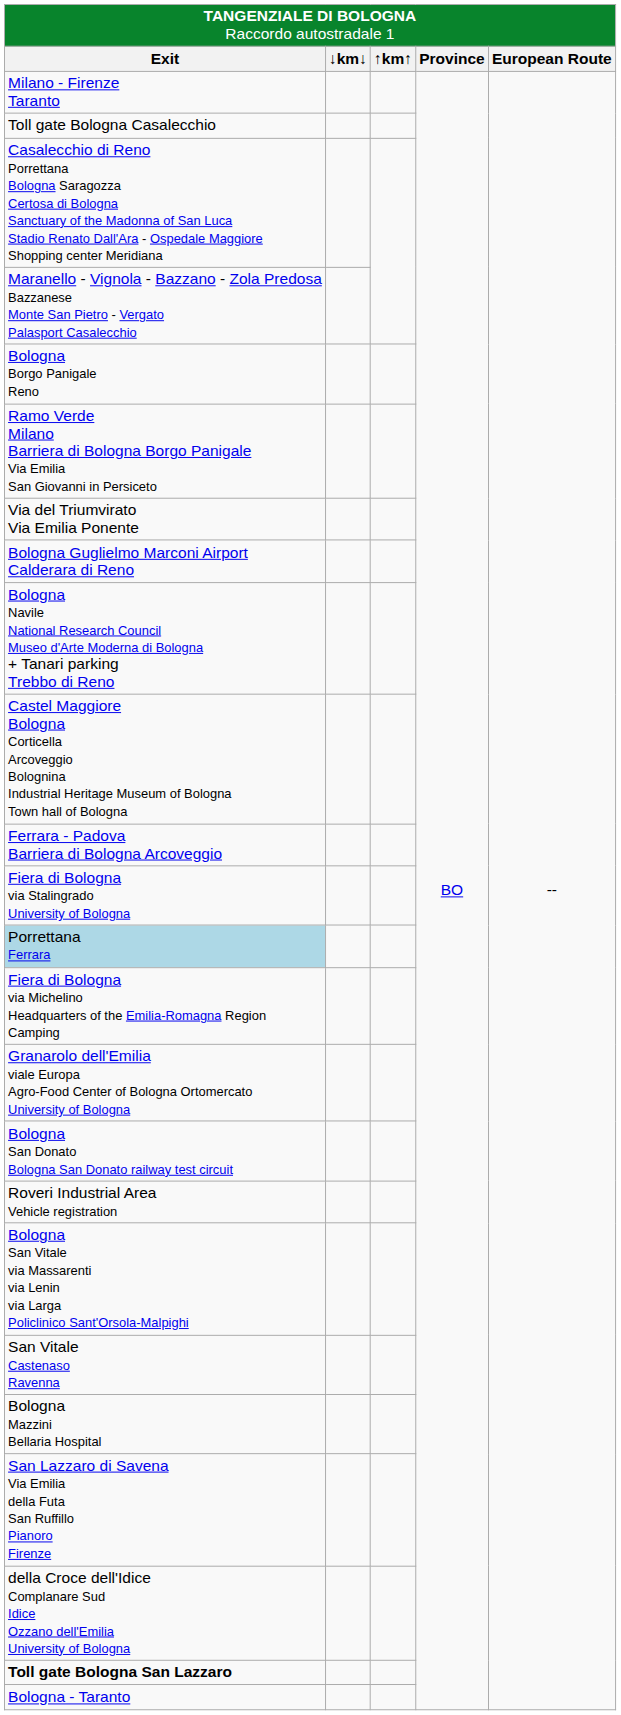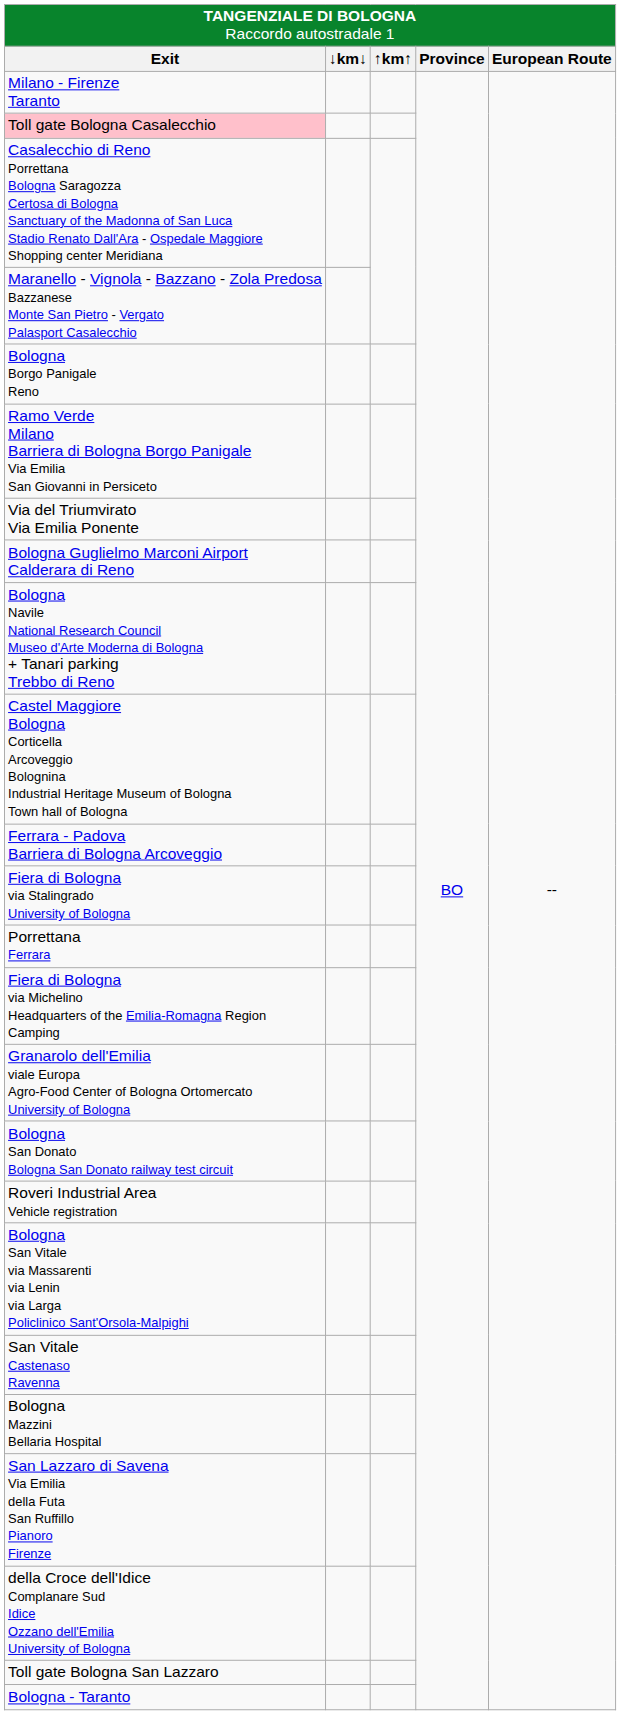 <table class="wikitable" border="1">
 <tr align="center" bgcolor="08842C" style="color: white;font-size:100%;">
 <td colspan="6"><strong> TANGENZIALE DI BOLOGNA</strong><br>Raccordo autostradale 1</td>
 </tr>
 <tr>
 <th style="text-align:center;"><strong>Exit</strong></th>
 <th style="text-align:center;"><strong>↓km↓</strong></th>
 <th style="text-align:center;"><strong>↑km↑</strong></th>
 <th align="center"><strong>Province</strong></th>
 <th align="center"><strong>European Route</strong></th>
 </tr>
 <tr>
 <td>  <a href='#'>Milano - Firenze</a><br> <a href='#'>Taranto</a></td>
 <td align="right"></td>
 <td align="right"></td>
 <td align="center" rowspan=24><a href='#'>BO</a></td>
 <td align="center" rowspan=24>--</td>
 </tr>
 <tr>
-<td> Toll gate Bologna Casalecchio</td>
+<td style="background: pink;"> Toll gate Bologna Casalecchio</td>
 <td align="right"></td>
 <td align="right"></td>
 </tr>
 <tr>
 <td>  <a href='#'>Casalecchio di Reno</a><br><small> Porrettana<br> <a href='#'>Bologna</a> Saragozza<br> <a href='#'>Certosa di Bologna</a><br> <a href='#'>Sanctuary of the Madonna of San Luca</a><br> <a href='#'>Stadio Renato Dall'Ara</a> -  <a href='#'>Ospedale Maggiore</a> </small><br><small> Shopping center Meridiana</small></td>
 <td align="right"></td>
 <td align="right" rowspan=2></td>
 </tr>
 <tr>
 <td> <a href='#'>Maranello</a> - <a href='#'>Vignola</a> - <a href='#'>Bazzano</a> - <a href='#'>Zola Predosa</a><br> <small>Bazzanese<br> <a href='#'>Monte San Pietro</a> - <a href='#'>Vergato</a><br> <a href='#'>Palasport Casalecchio</a><br></small></td>
 <td align="right"></td>
 </tr>
 <tr>
 <td>  <a href='#'>Bologna</a><br><small>Borgo Panigale<br>Reno</small></td>
 <td align="right"></td>
 <td align="right"></td>
 </tr>
 <tr>
 <td>  <a href='#'>Ramo Verde</a><br> <a href='#'>Milano</a><br> <a href='#'>Barriera di Bologna Borgo Panigale</a><br><small> Via Emilia<br> San Giovanni in Persiceto</small></td>
 <td align="right"></td>
 <td align="right"></td>
 </tr>
 <tr>
 <td> Via del Triumvirato<br>Via Emilia Ponente</td>
 <td align="right"></td>
 <td align="right"></td>
 </tr>
 <tr>
 <td>  <a href='#'>Bologna Guglielmo Marconi Airport</a><br><a href='#'>Calderara di Reno</a></td>
 <td align="right"></td>
 <td align="right"></td>
 </tr>
 <tr>
 <td>  <a href='#'>Bologna</a><br><small>Navile<br><a href='#'>National Research Council</a><br> <a href='#'>Museo d'Arte Moderna di Bologna</a></small><br> +  Tanari parking<br><a href='#'>Trebbo di Reno</a></td>
 <td align="right"></td>
 <td align="right"></td>
 </tr>
 <tr>
 <td> <a href='#'>Castel Maggiore</a><br> <a href='#'>Bologna</a><br><small>Corticella<br>Arcoveggio<br>Bolognina<br> Industrial Heritage Museum of Bologna<br>Town hall of Bologna</small></td>
 <td align="right"></td>
 <td align="right"></td>
 </tr>
 <tr>
 <td>  <a href='#'>Ferrara - Padova</a><br> <a href='#'>Barriera di Bologna Arcoveggio</a></td>
 <td align="right"></td>
 <td align="right"></td>
 </tr>
 <tr>
 <td>   <a href='#'>Fiera di Bologna</a><br><small>via Stalingrado<br> <a href='#'>University of Bologna</a></small></td>
 <td align="right"></td>
 <td align="right"></td>
 </tr>
 <tr>
-<td style="background: lightblue;">  Porrettana<br><small><a href='#'>Ferrara</a></small></td>
+<td>  Porrettana<br><small><a href='#'>Ferrara</a></small></td>
 <td align="right"></td>
 <td align="right"></td>
 </tr>
 <tr>
 <td>  <a href='#'>Fiera di Bologna</a><br><small>via Michelino<br> Headquarters of the <a href='#'>Emilia-Romagna</a> Region<br> Camping</small></td>
 <td align="right"></td>
 <td align="right"></td>
 </tr>
 <tr>
 <td>  <a href='#'>Granarolo dell'Emilia</a><small><br>viale Europa<br>Agro-Food Center of Bologna Ortomercato<br> <a href='#'>University of Bologna</a></small></td>
 <td align="right"></td>
 <td align="right"></td>
 </tr>
 <tr>
 <td>  <a href='#'>Bologna</a><br><small>San Donato<br> <a href='#'>Bologna San Donato railway test circuit</a></small></td>
 <td align="right"></td>
 <td align="right"></td>
 </tr>
 <tr>
 <td>  Roveri Industrial Area<br><small>Vehicle registration</small></td>
 <td align="right"></td>
 <td align="right"></td>
 </tr>
 <tr>
 <td>  <a href='#'>Bologna</a><br><small>San Vitale<br>via Massarenti<br>via Lenin<br>via Larga<br> <a href='#'>Policlinico Sant'Orsola-Malpighi</a></small></td>
 <td align="right"></td>
 <td align="right"></td>
 </tr>
 <tr>
 <td>  San Vitale<br><small><a href='#'>Castenaso</a> <br><a href='#'>Ravenna</a></small></td>
 <td align="right"></td>
 <td align="right"></td>
 </tr>
 <tr>
 <td> Bologna<br><small>Mazzini<br> Bellaria Hospital</small></td>
 <td align="right"></td>
 <td align="right"></td>
 </tr>
 <tr>
 <td>  <a href='#'>San Lazzaro di Savena</a><br><small> Via Emilia<br> della Futa<br>San Ruffillo<br><a href='#'>Pianoro</a><br><a href='#'>Firenze</a></small></td>
 <td align="right"></td>
 <td align="right"></td>
 </tr>
 <tr>
 <td>  della Croce dell'Idice<br><small>Complanare Sud<br><a href='#'>Idice</a><br><a href='#'>Ozzano dell'Emilia</a><br> <a href='#'>University of Bologna</a></small></td>
 <td align="right"></td>
 <td align="right"></td>
 </tr>
 <tr>
-<td><strong> Toll gate Bologna San Lazzaro</strong></td>
+<td> Toll gate Bologna San Lazzaro</td>
 <td align="right"></td>
 <td align="right"></td>
 </tr>
 <tr>
 <td>  <a href='#'>Bologna - Taranto</a></td>
 <td align="right"></td>
 <td align="right"></td>
 </tr>
 </table>
